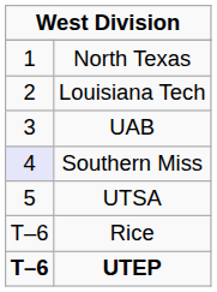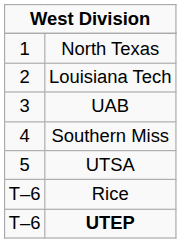 <table class="wikitable">
 <tr align="center">
 <td align="center" Colspan="2"><strong>West Division</strong></td>
 </tr>
 <tr align="center">
 </tr>
 <tr align="center">
 <td>1</td>
 <td>North Texas</td>
 </tr>
 <tr align="center">
 <td>2</td>
 <td>Louisiana Tech</td>
 </tr>
 <tr align="center">
 <td>3</td>
 <td>UAB</td>
 </tr>
 <tr align="center">
-<td style="background: lavender;">4</td>
+<td>4</td>
 <td>Southern Miss</td>
 </tr>
 <tr align="center">
 <td>5</td>
 <td>UTSA</td>
 </tr>
 <tr align="center">
 <td>T–6</td>
 <td>Rice</td>
 </tr>
 <tr align="center">
-<td><strong>T–6</strong></td>
+<td>T–6</td>
 <td><strong>UTEP</strong></td>
 </tr>
 </table>
